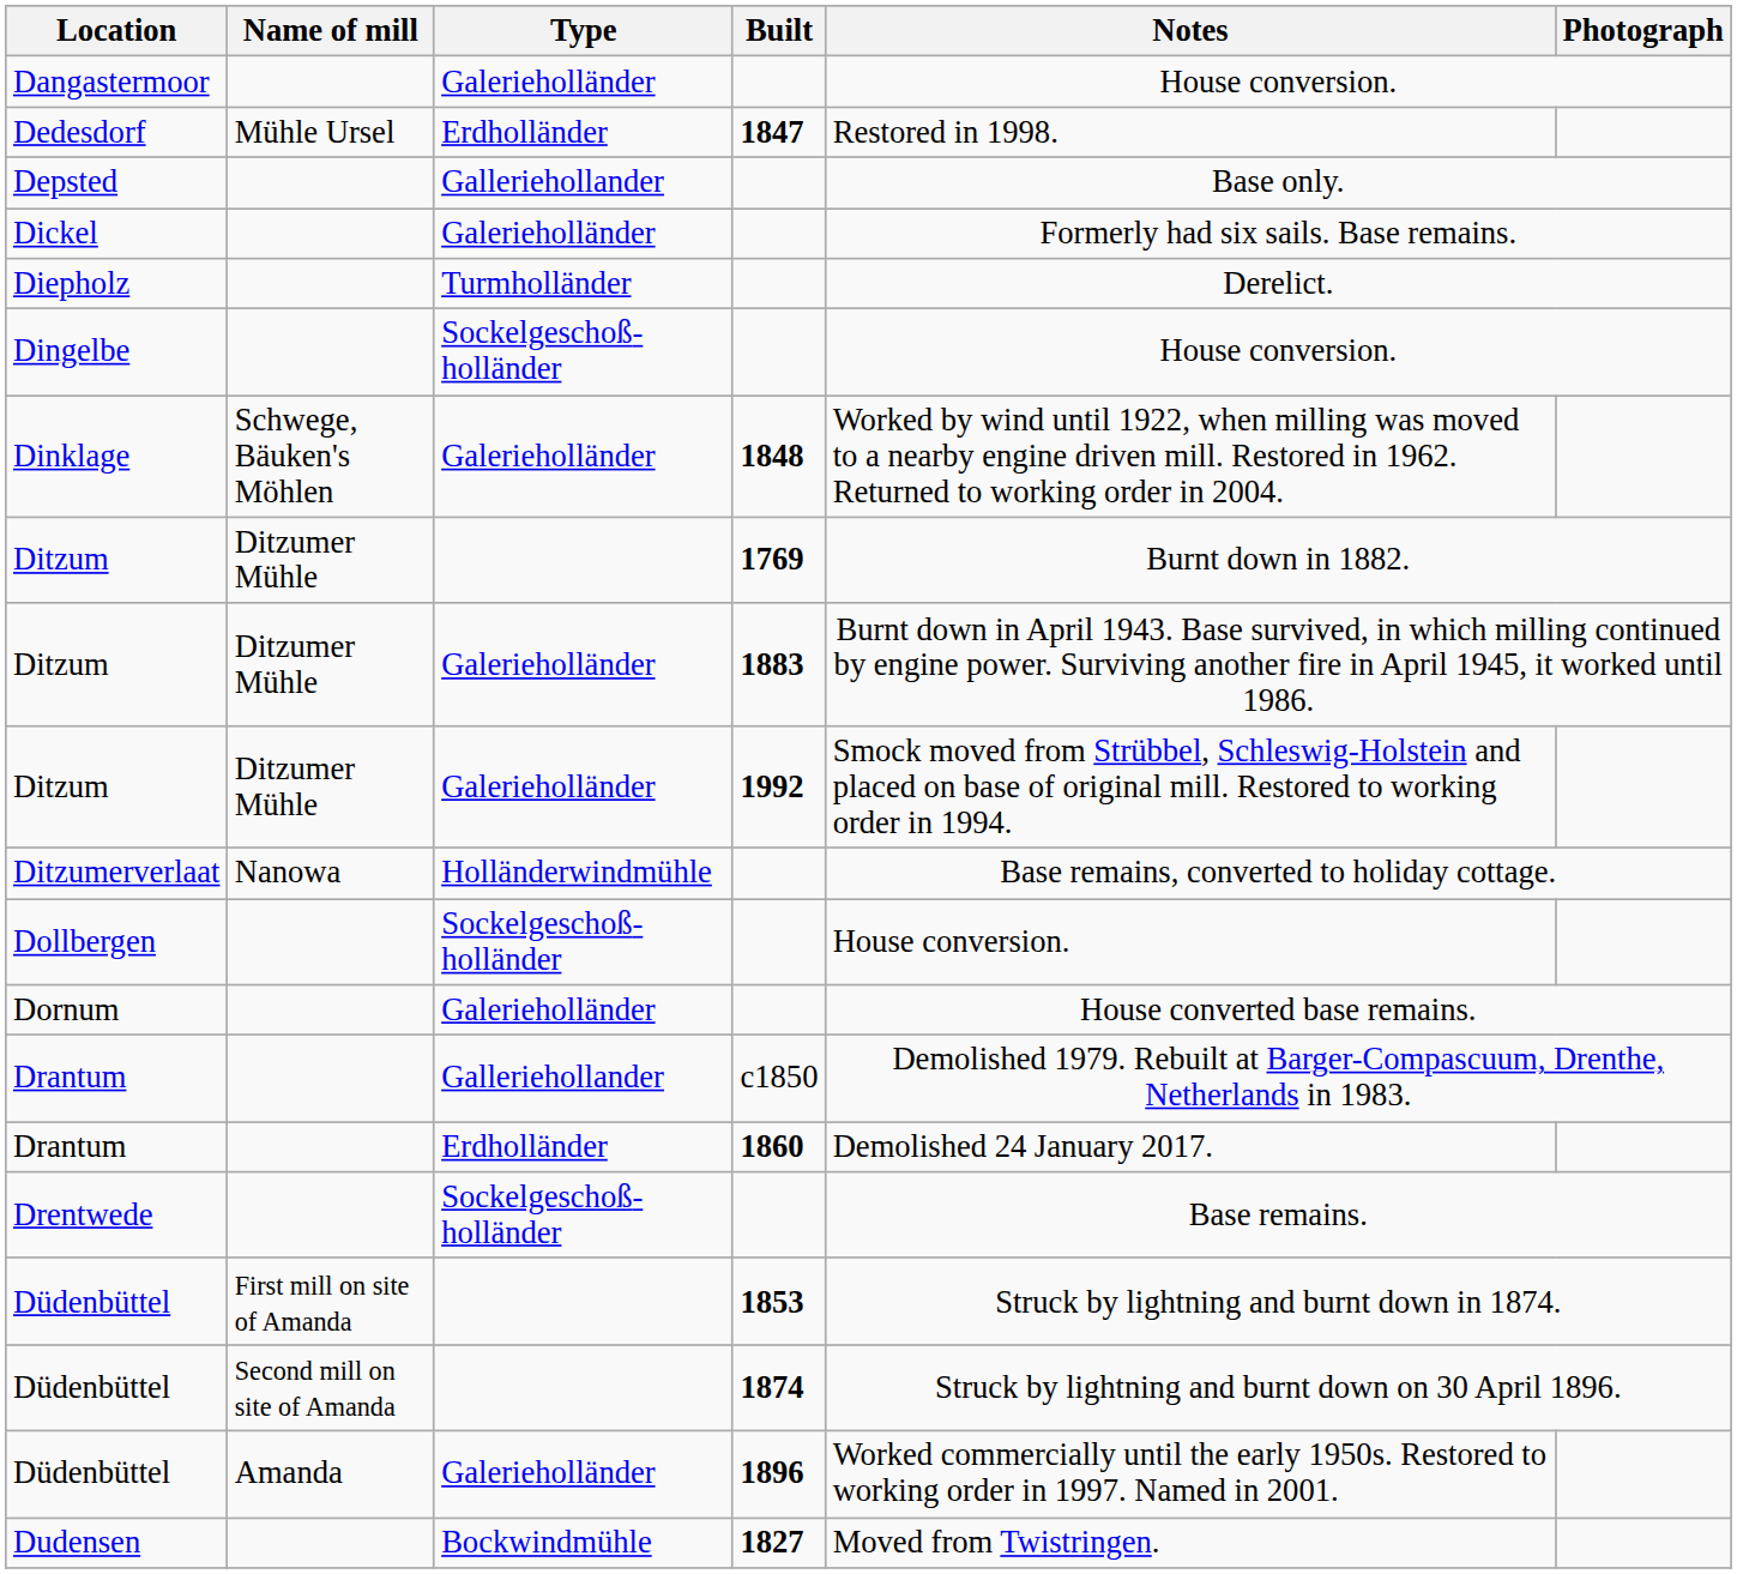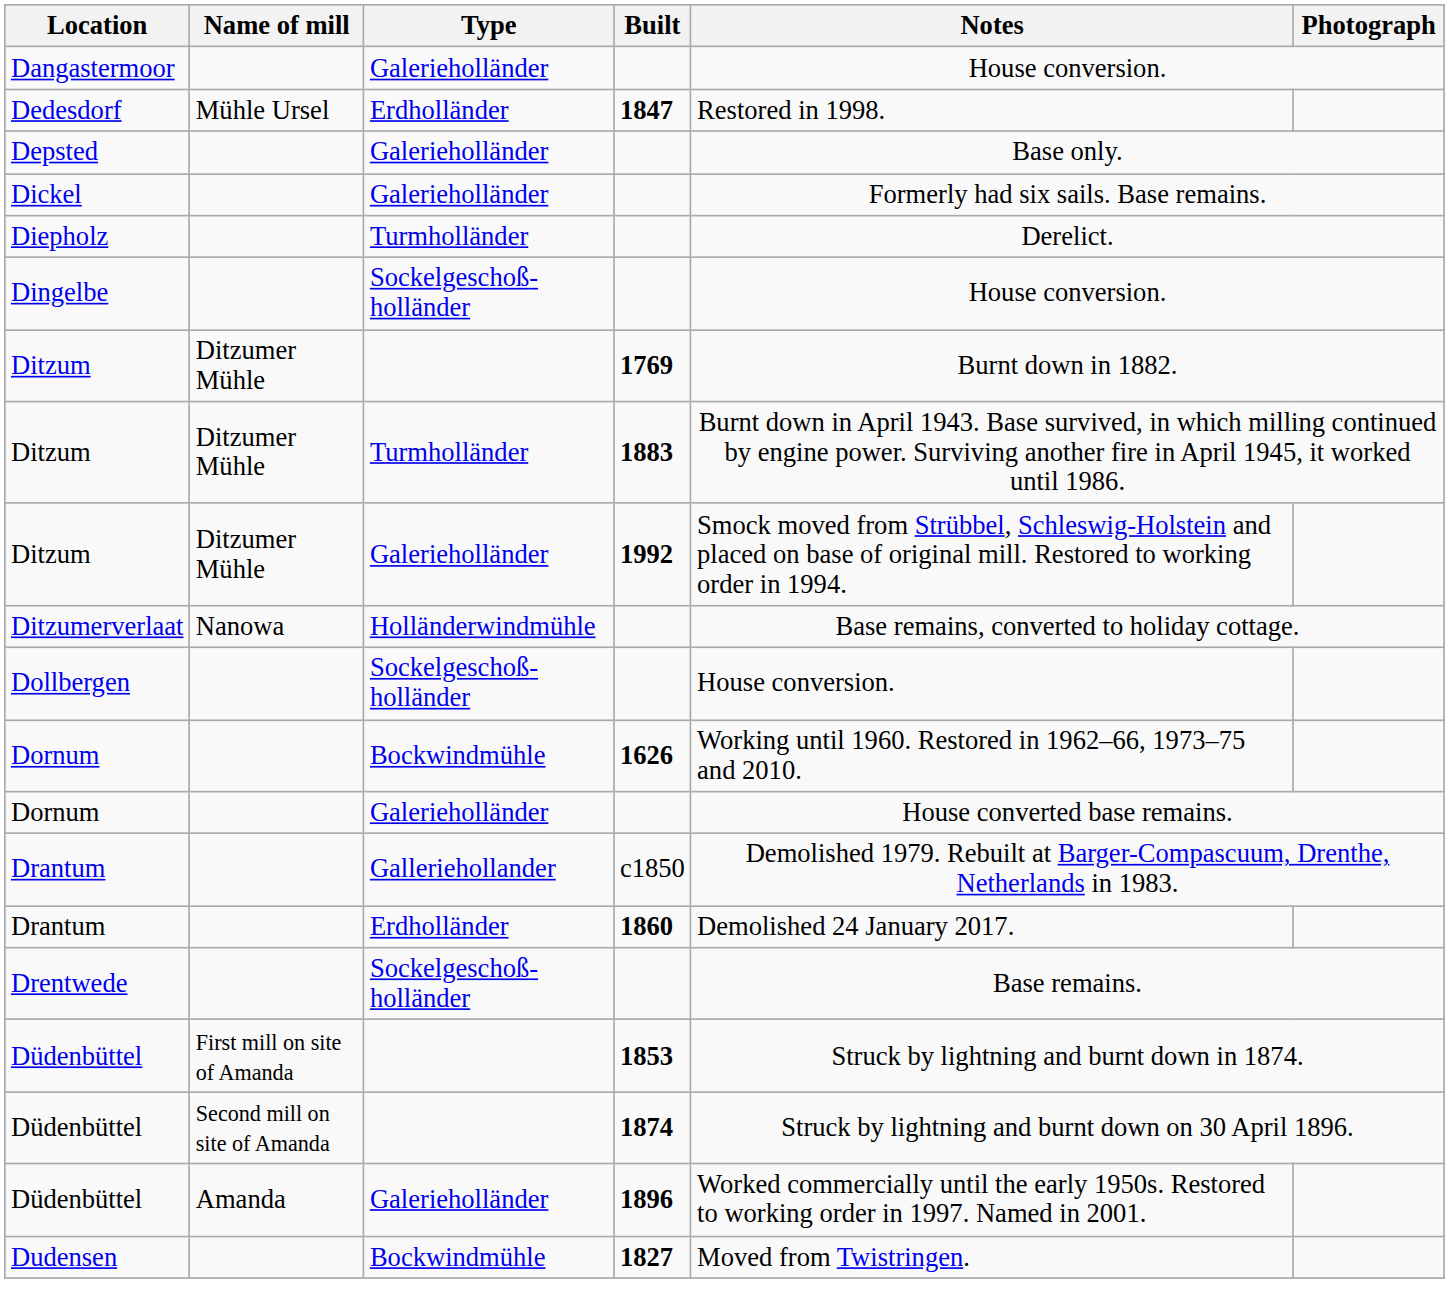 <table class="wikitable sortable">
 <tr>
 <th>Location</th>
 <th>Name of mill</th>
 <th>Type</th>
 <th>Built</th>
 <th class="unsortable">Notes</th>
 <th class="unsortable">Photograph</th>
 </tr>
 <tr>
 <td><a href='#'>Dangastermoor</a></td>
 <td></td>
 <td><a href='#'>Galerieholländer</a></td>
 <td></td>
 <td colspan="2" style="text-align:center;">House conversion.</td>
 </tr>
 <tr>
 <td><a href='#'>Dedesdorf</a></td>
 <td>Mühle Ursel</td>
 <td><a href='#'>Erdholländer</a></td>
 <td><strong>1847</strong></td>
 <td>Restored in 1998.</td>
 <td></td>
 </tr>
 <tr>
 <td><a href='#'>Depsted</a></td>
 <td></td>
-<td><a href='#'>Galleriehollander</a></td>
+<td><a href='#'>Galerieholländer</a></td>
 <td></td>
 <td colspan="2" style="text-align:center;">Base only.</td>
 </tr>
 <tr>
 <td><a href='#'>Dickel</a></td>
 <td></td>
 <td><a href='#'>Galerieholländer</a></td>
 <td></td>
 <td colspan="2" style="text-align:center;">Formerly had six sails. Base remains.</td>
 </tr>
 <tr>
 <td><a href='#'>Diepholz</a></td>
 <td></td>
 <td><a href='#'>Turmholländer</a></td>
 <td></td>
 <td colspan="2" style="text-align:center;">Derelict.</td>
 </tr>
 <tr>
 <td><a href='#'>Dingelbe</a></td>
 <td></td>
 <td><a href='#'>Sockelgeschoß­holländer</a></td>
 <td></td>
 <td colspan="2" style="text-align:center;">House conversion.</td>
 </tr>
 <tr>
-<td><a href='#'>Dinklage</a></td>
-<td>Schwege,<br>Bäuken's Möhlen</td>
-<td><a href='#'>Galerieholländer</a></td>
-<td><strong>1848</strong></td>
-<td>Worked by wind until 1922, when milling was moved to a nearby engine driven mill. Restored in 1962. Returned to working order in 2004.</td>
-<td></td>
-</tr>
-<tr>
 <td><a href='#'>Ditzum</a></td>
 <td>Ditzumer Mühle</td>
 <td></td>
 <td><strong>1769</strong></td>
 <td colspan="2" style="text-align:center;">Burnt down in 1882.</td>
 </tr>
 <tr>
 <td>Ditzum</td>
 <td>Ditzumer Mühle</td>
-<td><a href='#'>Galerieholländer</a></td>
+<td><a href='#'>Turmholländer</a></td>
 <td><strong>1883</strong></td>
 <td colspan="2" style="text-align:center;">Burnt down in April 1943. Base survived, in which milling continued by engine power. Surviving another fire in April 1945, it worked until 1986.</td>
 </tr>
 <tr>
 <td>Ditzum</td>
 <td>Ditzumer Mühle</td>
 <td><a href='#'>Galerieholländer</a></td>
 <td><strong>1992</strong></td>
 <td>Smock moved from <a href='#'>Strübbel</a>, <a href='#'>Schleswig-Holstein</a> and placed on base of original mill. Restored to working order in 1994.</td>
 <td></td>
 </tr>
 <tr>
 <td><a href='#'>Ditzumerverlaat</a></td>
 <td>Nanowa</td>
 <td><a href='#'>Holländerwindmühle</a></td>
 <td></td>
 <td colspan="2" style="text-align:center;">Base remains, converted to holiday cottage.</td>
 </tr>
 <tr>
 <td><a href='#'>Dollbergen</a></td>
 <td></td>
 <td><a href='#'>Sockelgeschoß­holländer</a></td>
 <td></td>
 <td>House conversion.</td>
+<td></td>
+</tr>
+<tr>
+<td><a href='#'>Dornum</a></td>
+<td></td>
+<td><a href='#'>Bockwindmühle</a></td>
+<td><strong>1626</strong></td>
+<td>Working until 1960. Restored in 1962–66, 1973–75 and 2010.</td>
 <td></td>
 </tr>
 <tr>
 <td>Dornum</td>
 <td></td>
 <td><a href='#'>Galerieholländer</a></td>
 <td></td>
 <td colspan="2" style="text-align:center;">House converted base remains.</td>
 </tr>
 <tr>
 <td><a href='#'>Drantum</a></td>
 <td></td>
 <td><a href='#'>Galleriehollander</a></td>
 <td>c1850</td>
 <td colspan="2" style="text-align:center;">Demolished 1979. Rebuilt at <a href='#'>Barger-Compascuum, Drenthe, Netherlands</a> in 1983.</td>
 </tr>
 <tr>
 <td>Drantum</td>
 <td></td>
 <td><a href='#'>Erdholländer</a></td>
 <td><strong>1860</strong></td>
 <td>Demolished 24 January 2017.</td>
 <td></td>
 </tr>
 <tr>
 <td><a href='#'>Drentwede</a></td>
 <td></td>
 <td><a href='#'>Sockelgeschoß­holländer</a></td>
 <td></td>
 <td colspan="2" style="text-align:center;">Base remains.</td>
 </tr>
 <tr>
 <td><a href='#'>Düdenbüttel</a></td>
 <td><small>First mill on site of Amanda</small></td>
 <td></td>
 <td><strong>1853</strong></td>
 <td colspan="2" style="text-align:center;">Struck by lightning and burnt down in 1874.</td>
 </tr>
 <tr>
 <td>Düdenbüttel</td>
 <td><small>Second mill on site of Amanda</small></td>
 <td></td>
 <td><strong>1874</strong></td>
 <td colspan="2" style="text-align:center;">Struck by lightning and burnt down on 30 April 1896.</td>
 </tr>
 <tr>
 <td>Düdenbüttel</td>
 <td>Amanda</td>
 <td><a href='#'>Galerieholländer</a></td>
 <td><strong>1896</strong></td>
 <td>Worked commercially until the early 1950s. Restored to working order in 1997. Named in 2001.</td>
 <td></td>
 </tr>
 <tr>
 <td><a href='#'>Dudensen</a></td>
 <td></td>
 <td><a href='#'>Bockwindmühle</a></td>
 <td><strong>1827</strong></td>
 <td>Moved from <a href='#'>Twistringen</a>.</td>
 <td></td>
 </tr>
 </table>
